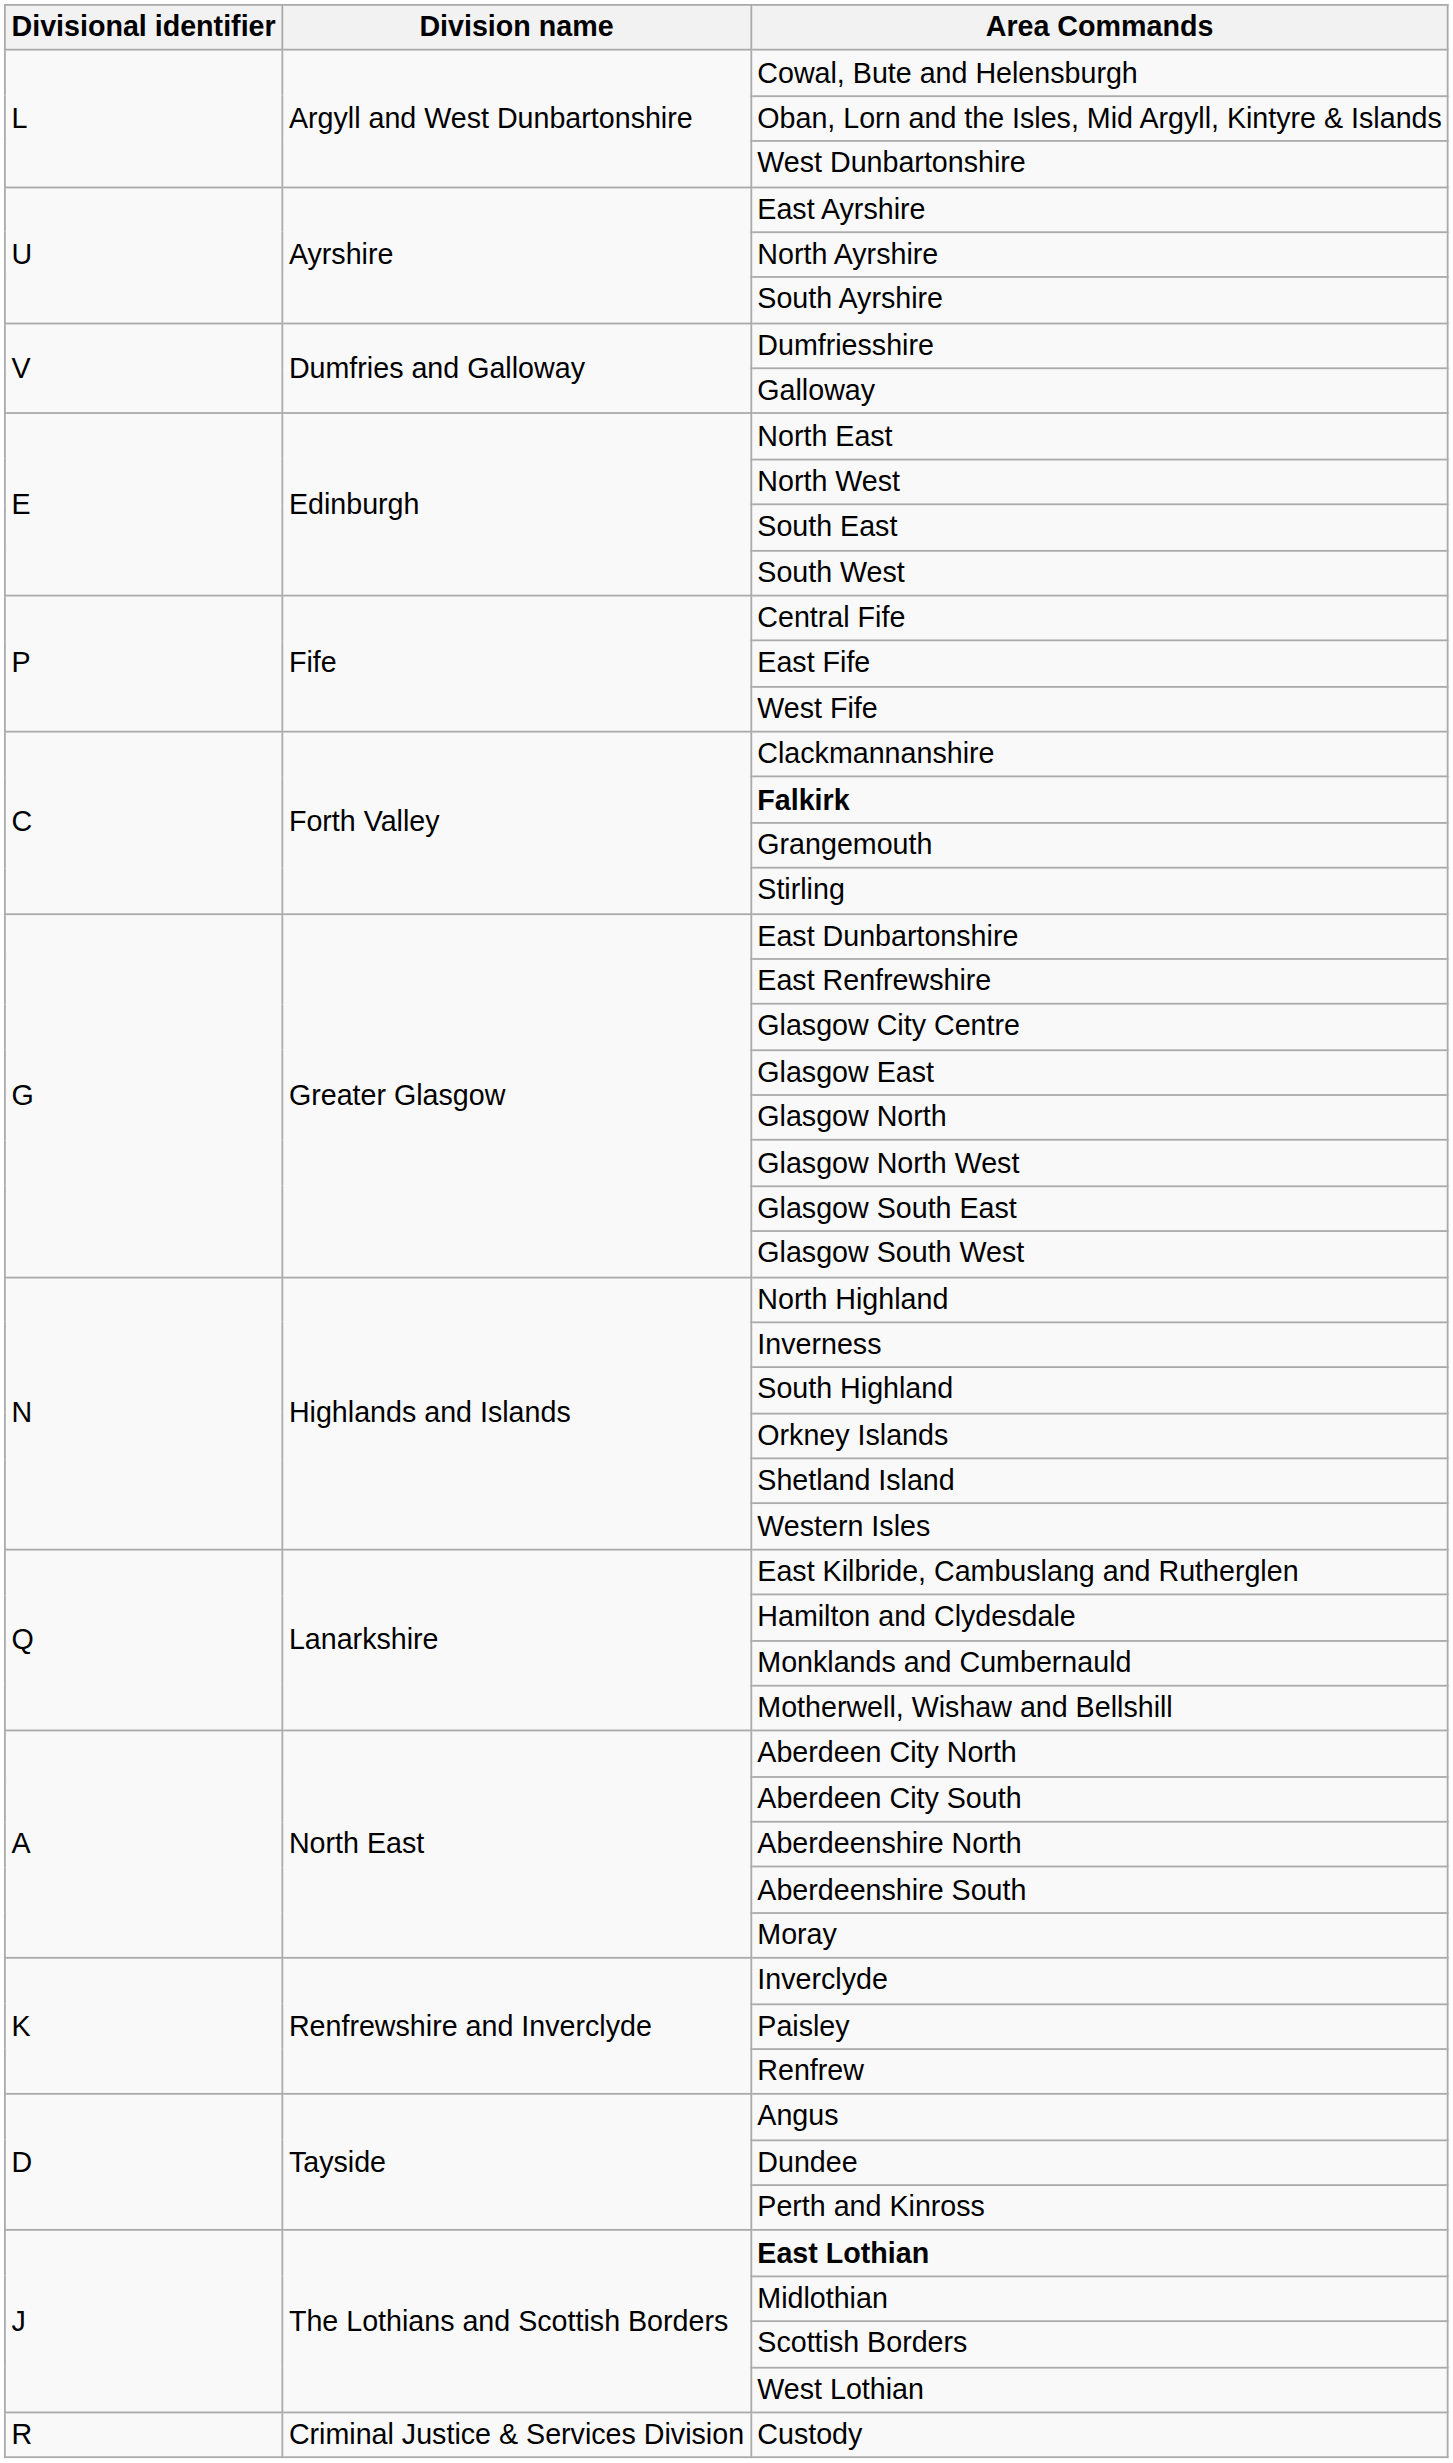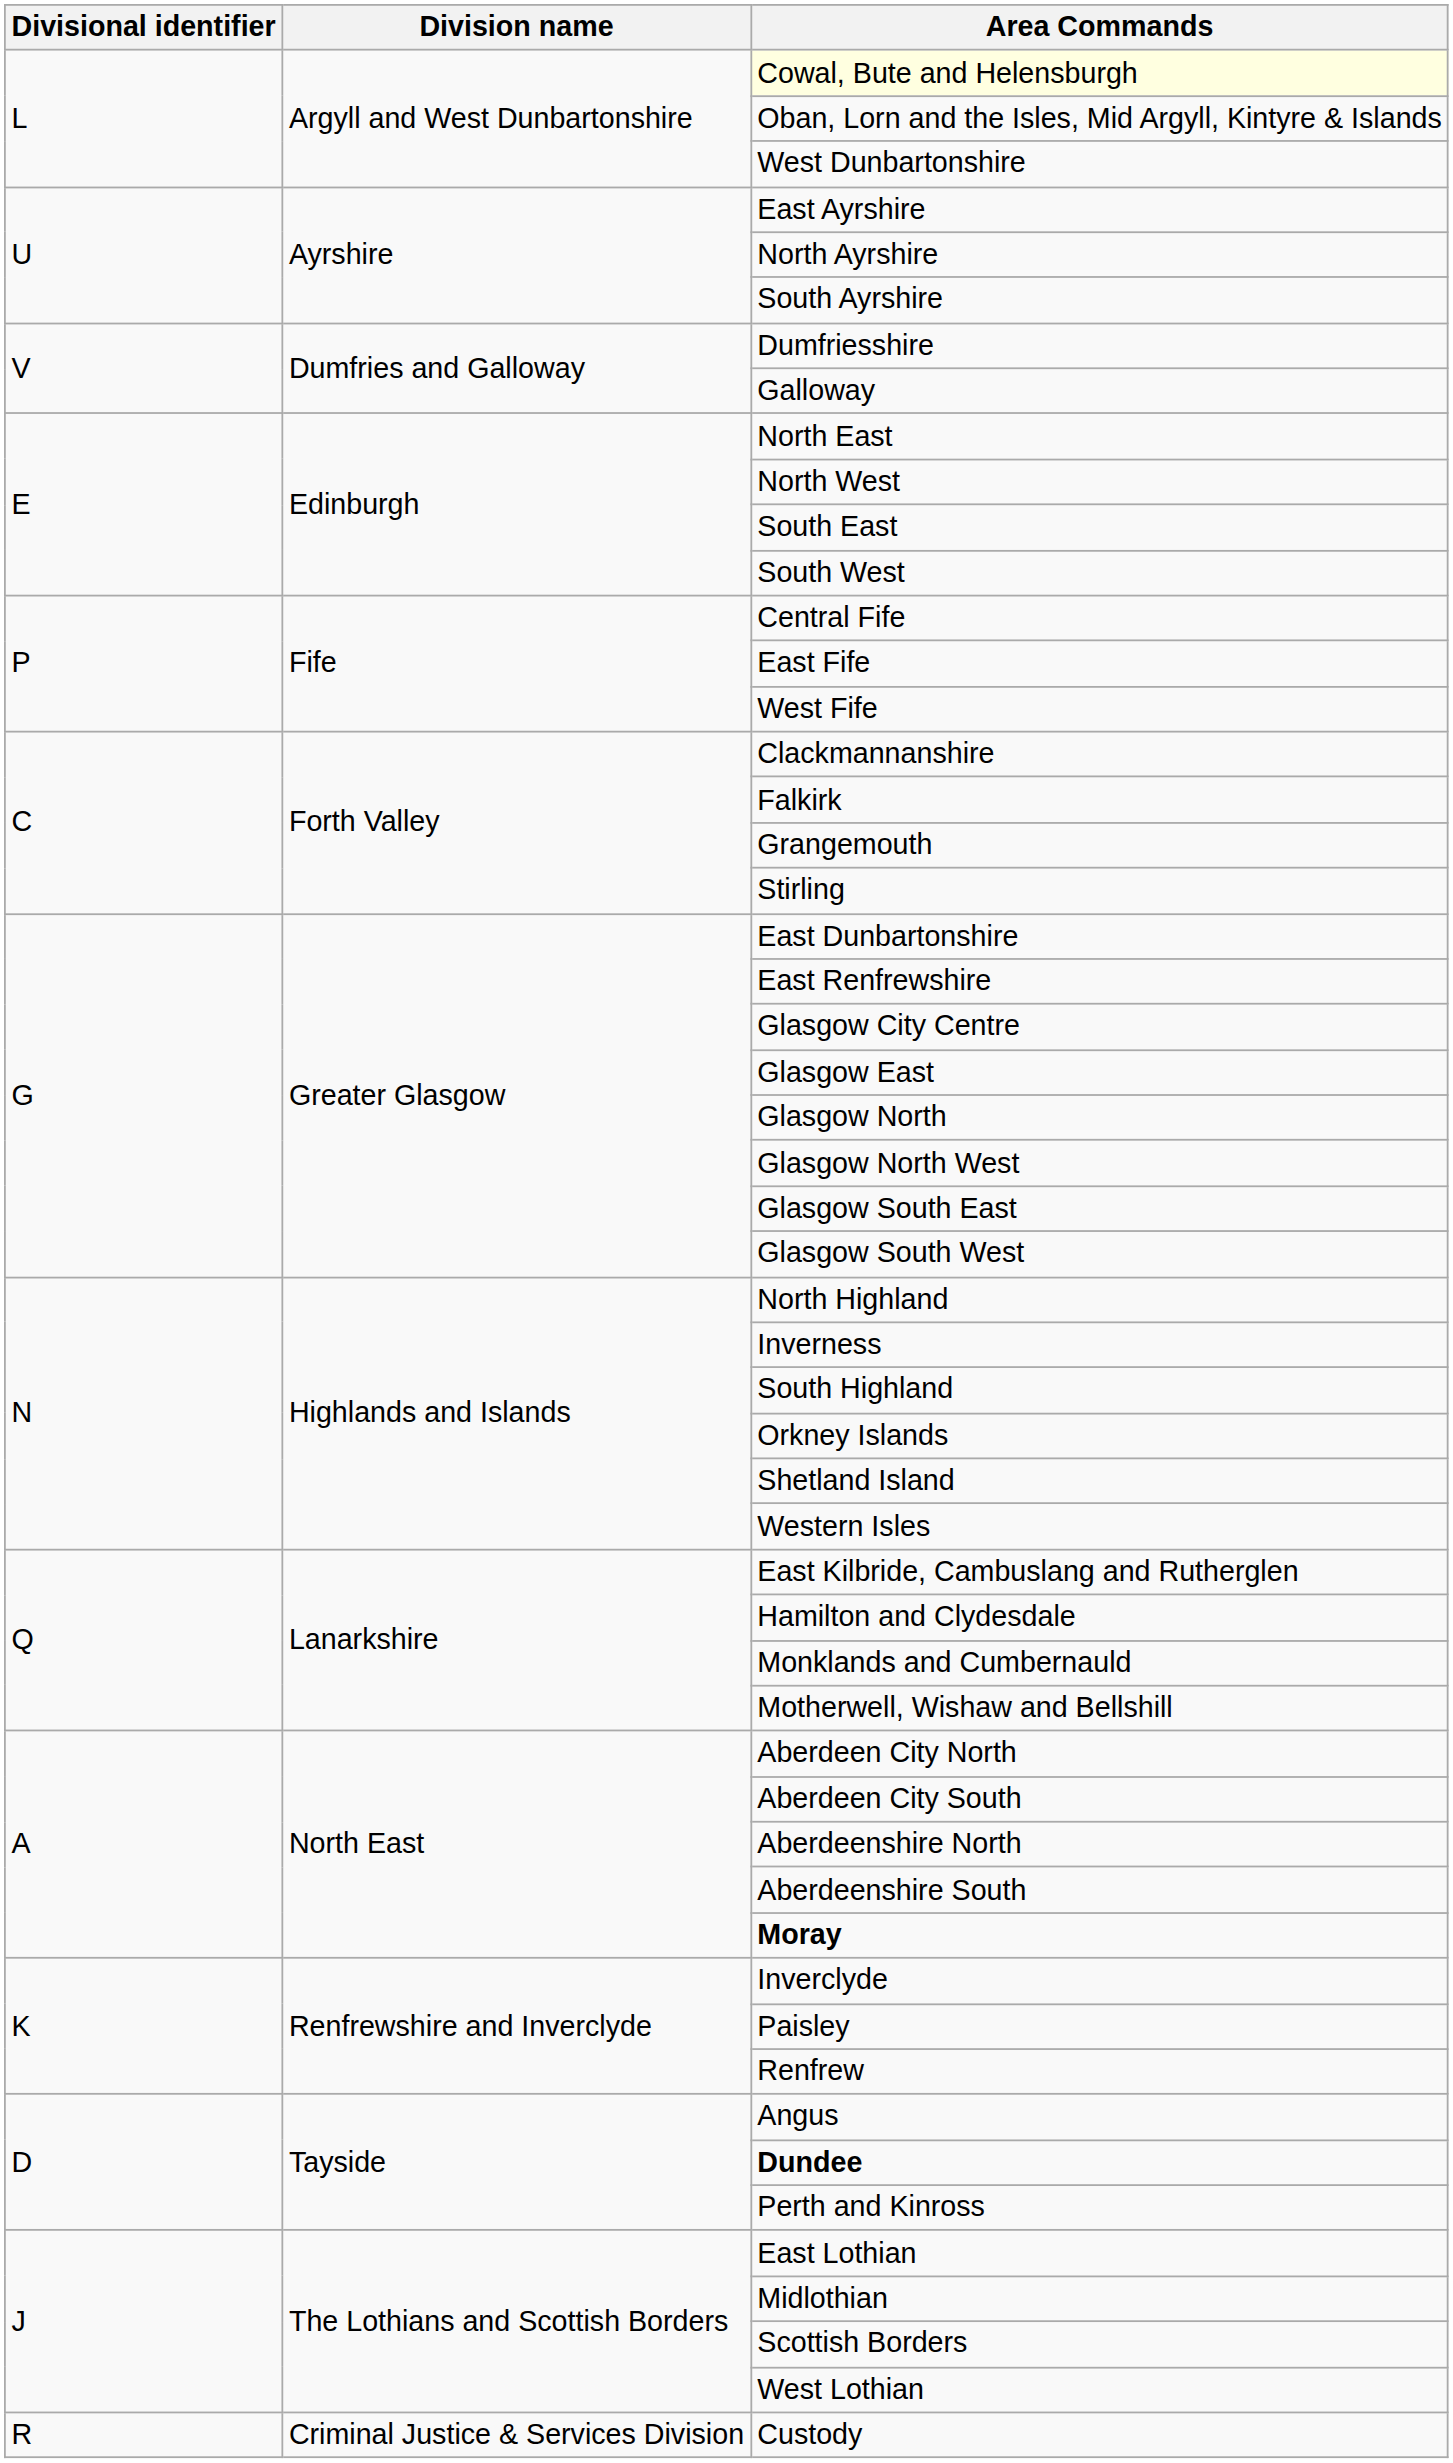 <table class="wikitable sortable">
 <tr>
 <th><strong>Divisional identifier</strong></th>
 <th><strong>Division name</strong></th>
 <th><strong>Area Commands</strong></th>
 </tr>
 <tr>
 <td rowspan="3">L</td>
 <td rowspan="3">Argyll and West Dunbartonshire</td>
-<td>Cowal, Bute and Helensburgh</td>
+<td style="background: lightyellow;">Cowal, Bute and Helensburgh</td>
 </tr>
 <tr>
 <td>Oban, Lorn and the Isles, Mid Argyll, Kintyre &  Islands</td>
 </tr>
 <tr>
 <td>West Dunbartonshire</td>
 </tr>
 <tr>
 <td rowspan="3">U</td>
 <td rowspan="3">Ayrshire</td>
 <td>East Ayrshire</td>
 </tr>
 <tr>
 <td>North Ayrshire</td>
 </tr>
 <tr>
 <td>South Ayrshire</td>
 </tr>
 <tr>
 <td rowspan="2">V</td>
 <td rowspan="2">Dumfries and Galloway</td>
 <td>Dumfriesshire</td>
 </tr>
 <tr>
 <td>Galloway</td>
 </tr>
 <tr>
 <td rowspan="4">E</td>
 <td rowspan="4">Edinburgh</td>
 <td>North East</td>
 </tr>
 <tr>
 <td>North West</td>
 </tr>
 <tr>
 <td>South East</td>
 </tr>
 <tr>
 <td>South West</td>
 </tr>
 <tr>
 <td rowspan="3">P</td>
 <td rowspan="3">Fife</td>
 <td>Central Fife</td>
 </tr>
 <tr>
 <td>East Fife</td>
 </tr>
 <tr>
 <td>West Fife</td>
 </tr>
 <tr>
 <td rowspan="4">C</td>
 <td rowspan="4">Forth Valley</td>
 <td>Clackmannanshire</td>
 </tr>
 <tr>
-<td><strong>Falkirk</strong></td>
+<td>Falkirk</td>
 </tr>
 <tr>
 <td>Grangemouth</td>
 </tr>
 <tr>
 <td>Stirling</td>
 </tr>
 <tr>
 <td rowspan="8">G</td>
 <td rowspan="8">Greater Glasgow</td>
 <td>East Dunbartonshire</td>
 </tr>
 <tr>
 <td>East Renfrewshire</td>
 </tr>
 <tr>
 <td>Glasgow City Centre</td>
 </tr>
 <tr>
 <td>Glasgow East</td>
 </tr>
 <tr>
 <td>Glasgow North</td>
 </tr>
 <tr>
 <td>Glasgow North West</td>
 </tr>
 <tr>
 <td>Glasgow South East</td>
 </tr>
 <tr>
 <td>Glasgow South West</td>
 </tr>
 <tr>
 <td rowspan="6">N</td>
 <td rowspan="6">Highlands and Islands</td>
 <td>North Highland</td>
 </tr>
 <tr>
 <td>Inverness</td>
 </tr>
 <tr>
 <td>South Highland</td>
 </tr>
 <tr>
 <td>Orkney Islands</td>
 </tr>
 <tr>
 <td>Shetland Island</td>
 </tr>
 <tr>
 <td>Western Isles</td>
 </tr>
 <tr>
 <td rowspan="4">Q</td>
 <td rowspan="4">Lanarkshire</td>
 <td>East Kilbride, Cambuslang and Rutherglen</td>
 </tr>
 <tr>
 <td>Hamilton and Clydesdale</td>
 </tr>
 <tr>
 <td>Monklands and Cumbernauld</td>
 </tr>
 <tr>
 <td>Motherwell, Wishaw and Bellshill</td>
 </tr>
 <tr>
 <td rowspan="5">A</td>
 <td rowspan="5">North East</td>
 <td>Aberdeen City North</td>
 </tr>
 <tr>
 <td>Aberdeen City South</td>
 </tr>
 <tr>
 <td>Aberdeenshire North</td>
 </tr>
 <tr>
 <td>Aberdeenshire South</td>
 </tr>
 <tr>
-<td>Moray</td>
+<td><strong>Moray</strong></td>
 </tr>
 <tr>
 <td rowspan="3">K</td>
 <td rowspan="3">Renfrewshire and Inverclyde</td>
 <td>Inverclyde</td>
 </tr>
 <tr>
 <td>Paisley</td>
 </tr>
 <tr>
 <td>Renfrew</td>
 </tr>
 <tr>
 <td rowspan="3">D</td>
 <td rowspan="3">Tayside</td>
 <td>Angus</td>
 </tr>
 <tr>
-<td>Dundee</td>
+<td><strong>Dundee</strong></td>
 </tr>
 <tr>
 <td>Perth and Kinross</td>
 </tr>
 <tr>
 <td rowspan="4">J</td>
 <td rowspan="4">The Lothians and Scottish Borders</td>
-<td><strong>East Lothian</strong></td>
+<td>East Lothian</td>
 </tr>
 <tr>
 <td>Midlothian</td>
 </tr>
 <tr>
 <td>Scottish Borders</td>
 </tr>
 <tr>
 <td>West Lothian</td>
 </tr>
 <tr>
 <td rowspan="4">R</td>
 <td rowspan="4">Criminal Justice & Services Division</td>
 <td>Custody</td>
 </tr>
 </table>
